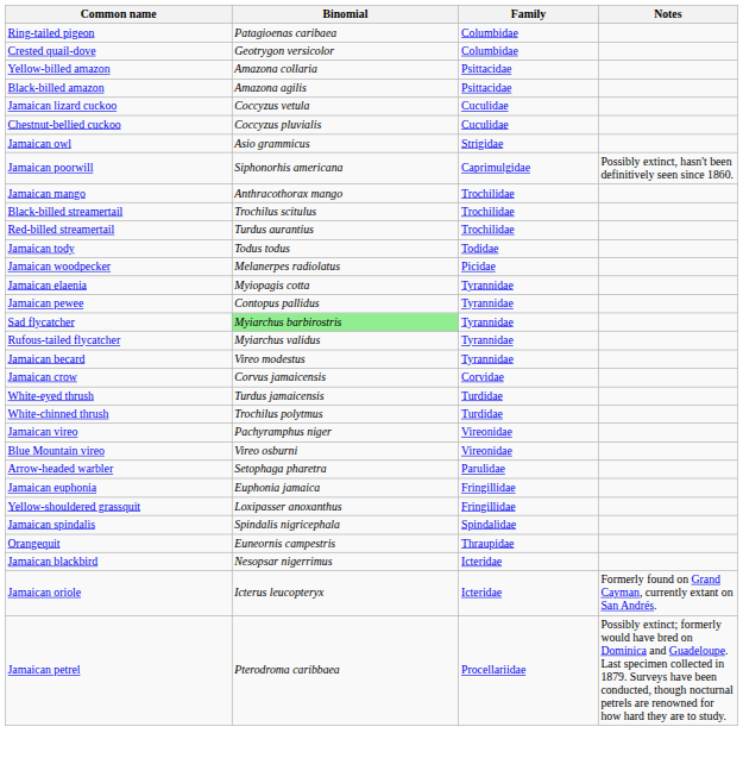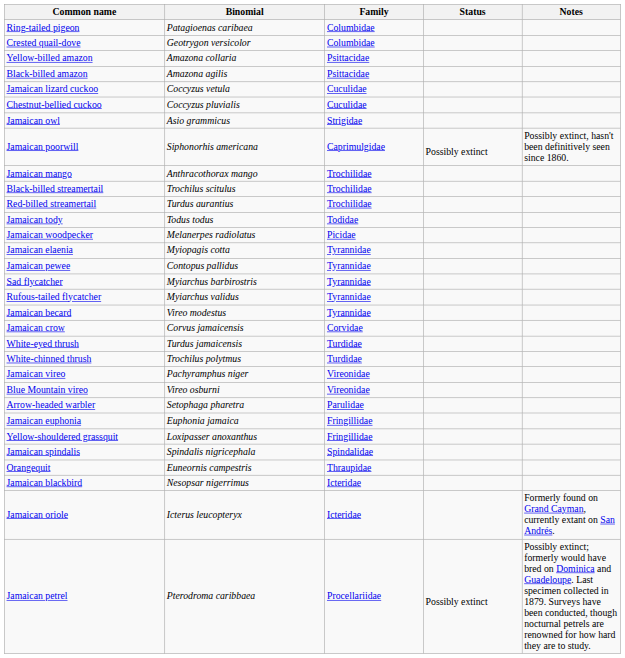 <table width=80% class="wikitable">
 <tr>
 <th width=26%>Common name</th>
 <th width=26%>Binomial</th>
 <th width=16%>Family</th>
+<th width=16%>Status</th>
 <th width=16%>Notes</th>
 </tr>
 <tr>
 <td><a href='#'>Ring-tailed pigeon</a></td>
 <td><em>Patagioenas caribaea</em></td>
 <td><a href='#'>Columbidae</a></td>
 <td></td>
+<td></td>
 </tr>
 <tr>
 <td><a href='#'>Crested quail-dove</a></td>
 <td><em>Geotrygon versicolor</em></td>
 <td><a href='#'>Columbidae</a></td>
+<td></td>
 <td></td>
 </tr>
 <tr>
 <td><a href='#'>Yellow-billed amazon</a></td>
 <td><em>Amazona collaria</em></td>
 <td><a href='#'>Psittacidae</a></td>
 <td></td>
+<td></td>
 </tr>
 <tr>
 <td><a href='#'>Black-billed amazon</a></td>
 <td><em>Amazona agilis</em></td>
 <td><a href='#'>Psittacidae</a></td>
+<td></td>
 <td></td>
 </tr>
 <tr>
 <td><a href='#'>Jamaican lizard cuckoo</a></td>
 <td><em>Coccyzus vetula</em></td>
 <td><a href='#'>Cuculidae</a></td>
 <td></td>
+<td></td>
 </tr>
 <tr>
 <td><a href='#'>Chestnut-bellied cuckoo</a></td>
 <td><em>Coccyzus pluvialis</em></td>
 <td><a href='#'>Cuculidae</a></td>
+<td></td>
 <td></td>
 </tr>
 <tr>
 <td><a href='#'>Jamaican owl</a></td>
 <td><em>Asio grammicus</em></td>
 <td><a href='#'>Strigidae</a></td>
 <td></td>
+<td></td>
 </tr>
 <tr>
 <td><a href='#'>Jamaican poorwill</a></td>
 <td><em>Siphonorhis americana</em></td>
 <td><a href='#'>Caprimulgidae</a></td>
+<td> <div><br>Possibly extinct </div></td>
 <td>Possibly extinct, hasn't been definitively seen since 1860.</td>
 </tr>
 <tr>
 <td><a href='#'>Jamaican mango</a></td>
 <td><em>Anthracothorax mango</em></td>
 <td><a href='#'>Trochilidae</a></td>
 <td></td>
+<td></td>
 </tr>
 <tr>
 <td><a href='#'>Black-billed streamertail</a></td>
 <td><em>Trochilus scitulus</em></td>
 <td><a href='#'>Trochilidae</a></td>
+<td></td>
 <td></td>
 </tr>
 <tr>
 <td><a href='#'>Red-billed streamertail</a></td>
 <td><em>Turdus aurantius</em></td>
 <td><a href='#'>Trochilidae</a></td>
 <td></td>
+<td></td>
 </tr>
 <tr>
 <td><a href='#'>Jamaican tody</a></td>
 <td><em>Todus todus</em></td>
 <td><a href='#'>Todidae</a></td>
+<td></td>
 <td></td>
 </tr>
 <tr>
 <td><a href='#'>Jamaican woodpecker</a></td>
 <td><em>Melanerpes radiolatus</em></td>
 <td><a href='#'>Picidae</a></td>
 <td></td>
+<td></td>
 </tr>
 <tr>
 <td><a href='#'>Jamaican elaenia</a></td>
 <td><em>Myiopagis cotta</em></td>
 <td><a href='#'>Tyrannidae</a></td>
+<td></td>
 <td></td>
 </tr>
 <tr>
 <td><a href='#'>Jamaican pewee</a></td>
 <td><em>Contopus pallidus</em></td>
 <td><a href='#'>Tyrannidae</a></td>
 <td></td>
+<td></td>
 </tr>
 <tr>
 <td><a href='#'>Sad flycatcher</a> </td>
-<td style="background: lightgreen;"><em>Myiarchus barbirostris</em></td>
+<td><em>Myiarchus barbirostris</em></td>
 <td><a href='#'>Tyrannidae</a></td>
+<td></td>
 <td></td>
 </tr>
 <tr>
 <td><a href='#'>Rufous-tailed flycatcher</a></td>
 <td><em>Myiarchus validus</em></td>
 <td><a href='#'>Tyrannidae</a></td>
 <td></td>
+<td></td>
 </tr>
 <tr>
 <td><a href='#'>Jamaican becard</a></td>
 <td><em>Vireo modestus</em></td>
 <td><a href='#'>Tyrannidae</a></td>
+<td></td>
 <td></td>
 </tr>
 <tr>
 <td><a href='#'>Jamaican crow</a></td>
 <td><em>Corvus jamaicensis</em></td>
 <td><a href='#'>Corvidae</a></td>
 <td></td>
+<td></td>
 </tr>
 <tr>
 <td><a href='#'>White-eyed thrush</a></td>
 <td><em>Turdus jamaicensis</em></td>
 <td><a href='#'>Turdidae</a></td>
+<td></td>
 <td></td>
 </tr>
 <tr>
 <td><a href='#'>White-chinned thrush</a></td>
 <td><em>Trochilus polytmus</em></td>
 <td><a href='#'>Turdidae</a></td>
 <td></td>
+<td></td>
 </tr>
 <tr>
 <td><a href='#'>Jamaican vireo</a></td>
 <td><em>Pachyramphus niger</em></td>
 <td><a href='#'>Vireonidae</a></td>
+<td></td>
 <td></td>
 </tr>
 <tr>
 <td><a href='#'>Blue Mountain vireo</a></td>
 <td><em>Vireo osburni</em></td>
 <td><a href='#'>Vireonidae</a></td>
 <td></td>
+<td></td>
 </tr>
 <tr>
 <td><a href='#'>Arrow-headed warbler</a></td>
 <td><em>Setophaga pharetra</em></td>
 <td><a href='#'>Parulidae</a></td>
+<td></td>
 <td></td>
 </tr>
 <tr>
 <td><a href='#'>Jamaican euphonia</a></td>
 <td><em>Euphonia jamaica</em></td>
 <td><a href='#'>Fringillidae</a></td>
 <td></td>
+<td></td>
 </tr>
 <tr>
 <td><a href='#'>Yellow-shouldered grassquit</a></td>
 <td><em>Loxipasser anoxanthus</em></td>
 <td><a href='#'>Fringillidae</a></td>
+<td></td>
 <td></td>
 </tr>
 <tr>
 <td><a href='#'>Jamaican spindalis</a></td>
 <td><em>Spindalis nigricephala</em></td>
 <td><a href='#'>Spindalidae</a></td>
 <td></td>
+<td></td>
 </tr>
 <tr>
 <td><a href='#'>Orangequit</a></td>
 <td><em>Euneornis campestris</em></td>
 <td><a href='#'>Thraupidae</a></td>
+<td></td>
 <td></td>
 </tr>
 <tr>
 <td><a href='#'>Jamaican blackbird</a></td>
 <td><em>Nesopsar nigerrimus</em></td>
 <td><a href='#'>Icteridae</a></td>
 <td></td>
+<td></td>
 </tr>
 <tr>
 <td><a href='#'>Jamaican oriole</a></td>
 <td><em>Icterus leucopteryx</em></td>
 <td><a href='#'>Icteridae</a></td>
+<td></td>
 <td>Formerly found on <a href='#'>Grand Cayman</a>, currently extant on <a href='#'>San Andrés</a>.</td>
 </tr>
 <tr>
 <td><a href='#'>Jamaican petrel</a></td>
 <td><em>Pterodroma caribbaea</em></td>
 <td><a href='#'>Procellariidae</a></td>
+<td><div><br>Possibly extinct </div></td>
 <td>Possibly extinct; formerly would have bred on <a href='#'>Dominica</a> and <a href='#'>Guadeloupe</a>. Last specimen collected in 1879. Surveys have been conducted, though nocturnal petrels are renowned for how hard they are to study.</td>
 </tr>
 </table>
